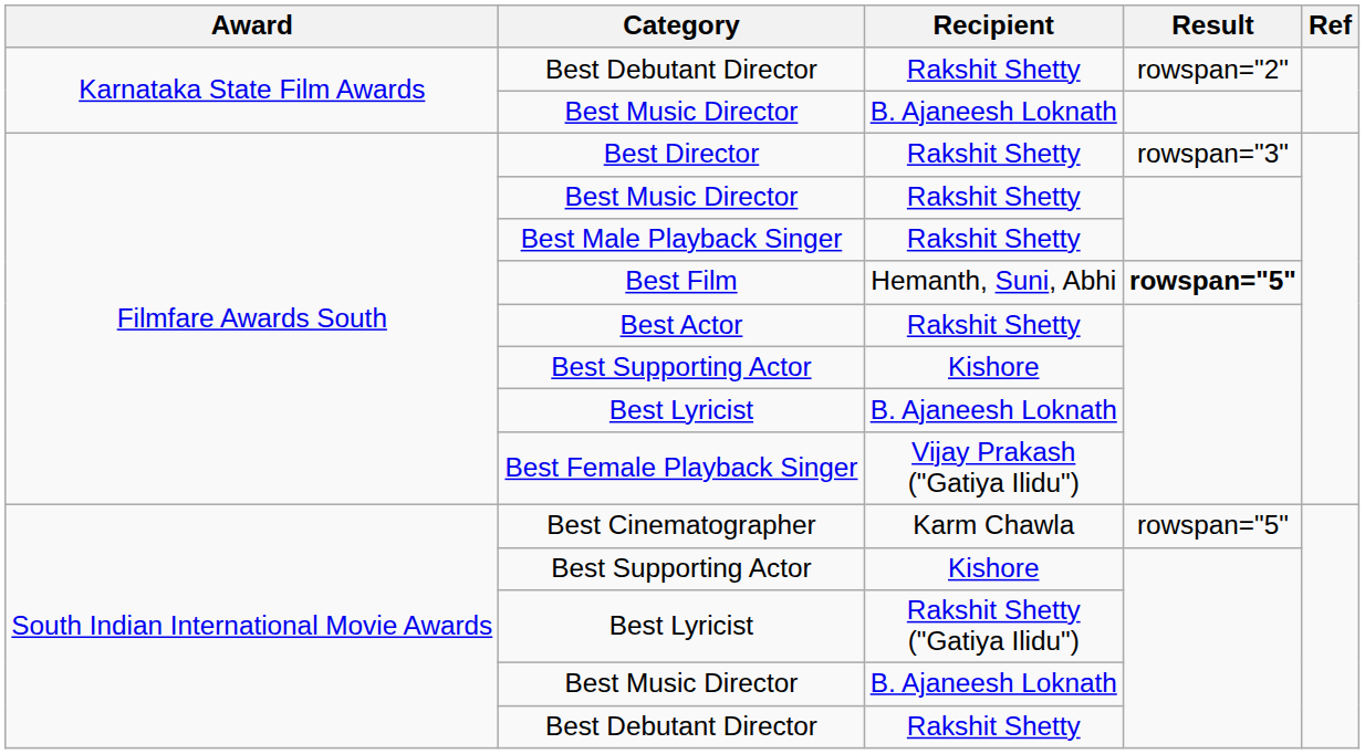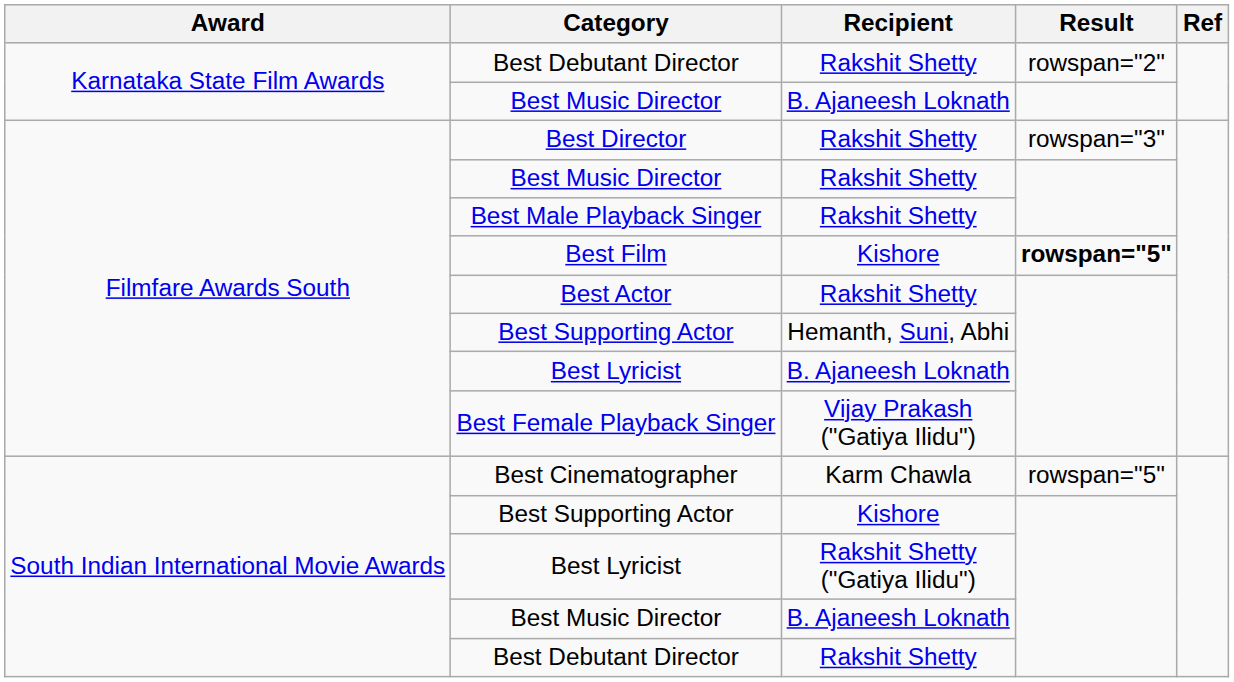 <table class="wikitable" style="text-align:center;">
 <tr>
 <th>Award</th>
 <th>Category</th>
 <th>Recipient</th>
 <th>Result</th>
 <th>Ref</th>
 </tr>
 <tr>
 <td rowspan="2"><a href='#'>Karnataka State Film Awards</a></td>
 <td>Best Debutant Director</td>
 <td><a href='#'>Rakshit Shetty</a></td>
 <td>rowspan="2" </td>
 <td rowspan="2"></td>
 </tr>
 <tr>
 <td><a href='#'>Best Music Director</a></td>
 <td><a href='#'>B. Ajaneesh Loknath</a></td>
 </tr>
 <tr>
 <td rowspan="8"><a href='#'>Filmfare Awards South</a></td>
 <td><a href='#'>Best Director</a></td>
 <td><a href='#'>Rakshit Shetty</a></td>
 <td>rowspan="3" </td>
 <td rowspan="8"><br></td>
 </tr>
 <tr>
 <td><a href='#'>Best Music Director</a></td>
 <td><a href='#'>Rakshit Shetty</a></td>
 </tr>
 <tr>
 <td><a href='#'>Best Male Playback Singer</a></td>
 <td><a href='#'>Rakshit Shetty</a></td>
 </tr>
 <tr>
 <td><a href='#'>Best Film</a></td>
-<td>Hemanth, <a href='#'>Suni</a>, Abhi</td>
+<td><a href='#'>Kishore</a></td>
 <td><strong>rowspan="5" </strong></td>
 </tr>
 <tr>
 <td><a href='#'>Best Actor</a></td>
 <td><a href='#'>Rakshit Shetty</a></td>
 </tr>
 <tr>
 <td><a href='#'>Best Supporting Actor</a></td>
-<td><a href='#'>Kishore</a></td>
+<td>Hemanth, <a href='#'>Suni</a>, Abhi</td>
 </tr>
 <tr>
 <td><a href='#'>Best Lyricist</a></td>
 <td><a href='#'>B. Ajaneesh Loknath</a></td>
 </tr>
 <tr>
 <td><a href='#'>Best Female Playback Singer</a></td>
 <td><a href='#'>Vijay Prakash</a><br>("Gatiya Ilidu")</td>
 </tr>
 <tr>
 <td rowspan="5"><a href='#'>South Indian International Movie Awards</a></td>
 <td>Best Cinematographer</td>
 <td>Karm Chawla</td>
 <td>rowspan="5" </td>
 <td rowspan="8"></td>
 </tr>
 <tr>
 <td>Best Supporting Actor</td>
 <td><a href='#'>Kishore</a></td>
 </tr>
 <tr>
 <td>Best Lyricist</td>
 <td><a href='#'>Rakshit Shetty</a><br>("Gatiya Ilidu")</td>
 </tr>
 <tr>
 <td>Best Music Director</td>
 <td><a href='#'>B. Ajaneesh Loknath</a></td>
 </tr>
 <tr>
 <td>Best Debutant Director</td>
 <td><a href='#'>Rakshit Shetty</a></td>
 </tr>
 </table>
